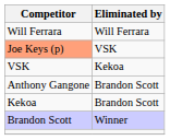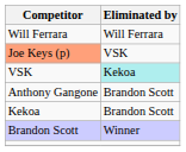 <table class="wikitable">
 <tr>
 <th>Competitor</th>
 <th>Eliminated by</th>
 </tr>
 <tr>
 <td>Will Ferrara</td>
 <td>Will Ferrara</td>
 </tr>
 <tr>
 <td style="background: lightsalmon;">Joe Keys (p)</td>
 <td>VSK</td>
 </tr>
 <tr>
 <td>VSK</td>
-<td>Kekoa</td>
+<td style="background: paleturquoise;">Kekoa</td>
 </tr>
 <tr>
 <td>Anthony Gangone</td>
 <td>Brandon Scott</td>
 </tr>
 <tr>
 <td>Kekoa</td>
 <td>Brandon Scott</td>
 </tr>
 <tr style="background: #CCCCFF;">
 <td>Brandon Scott</td>
 <td>Winner</td>
 </tr>
 <tr>
 <td colspan="2"></td>
 </tr>
 <tr>
 </tr>
 </table>
